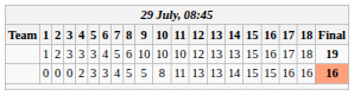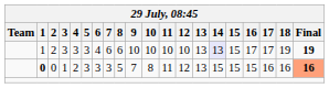 <table class=wikitable style="text-align:center; width: 55%">
 <tr>
 <th colspan=20><em>29 July, 08:45</em></th>
 </tr>
 <tr>
 <th>Team</th>
 <th>1</th>
 <th>2</th>
 <th>3</th>
 <th>4</th>
 <th>5</th>
 <th>6</th>
 <th>7</th>
 <th>8</th>
 <th>9</th>
 <th>10</th>
 <th>11</th>
 <th>12</th>
 <th>13</th>
 <th>14</th>
 <th>15</th>
 <th>16</th>
 <th>17</th>
 <th>18</th>
 <th>Final</th>
 </tr>
 <tr>
 <td align=left><strong></strong></td>
 <td>1</td>
 <td>2</td>
 <td>3</td>
 <td>3</td>
 <td>3</td>
 <td>4</td>
-<td>5</td>
+<td>6</td>
 <td>6</td>
 <td>10</td>
 <td>10</td>
 <td>10</td>
-<td>12</td>
+<td>10</td>
 <td>13</td>
-<td>13</td>
+<td style="background: lavender;">13</td>
 <td>15</td>
-<td>16</td>
 <td>17</td>
-<td>18</td>
+<td>17</td>
+<td>19</td>
 <td><strong>19</strong></td>
 </tr>
 <tr>
 <td align=left></td>
+<td><strong>0</strong></td>
 <td>0</td>
-<td>0</td>
-<td>0</td>
+<td>1</td>
 <td>2</td>
 <td>3</td>
 <td>3</td>
-<td>4</td>
+<td>3</td>
 <td>5</td>
-<td>5</td>
+<td>7</td>
 <td>8</td>
 <td>11</td>
+<td>12</td>
 <td>13</td>
-<td>13</td>
-<td>14</td>
+<td>15</td>
 <td>15</td>
 <td>15</td>
 <td>16</td>
 <td>16</td>
 <td style="background: lightsalmon;"><strong>16</strong></td>
 </tr>
 <tr>
 <td colspan=20></td>
 </tr>
 </table>
